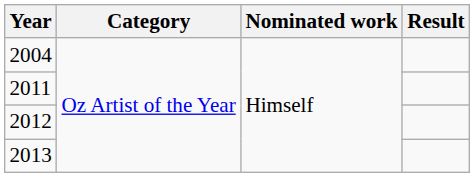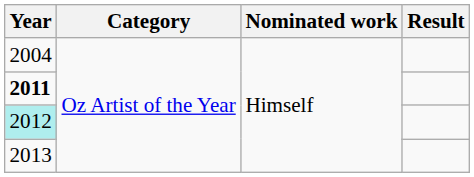 <table class="wikitable">
 <tr>
 <th>Year</th>
 <th>Category</th>
 <th>Nominated work</th>
 <th>Result</th>
 </tr>
 <tr>
 <td>2004</td>
 <td rowspan="4"><a href='#'>Oz Artist of the Year</a></td>
 <td rowspan="4">Himself</td>
 <td></td>
 </tr>
 <tr>
-<td>2011</td>
+<td><strong>2011</strong></td>
 <td></td>
 </tr>
 <tr>
-<td>2012</td>
+<td style="background: paleturquoise;">2012</td>
 <td></td>
 </tr>
 <tr>
 <td>2013</td>
 <td></td>
 </tr>
 </table>
